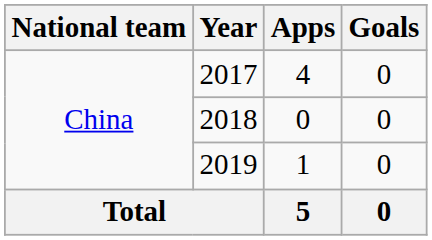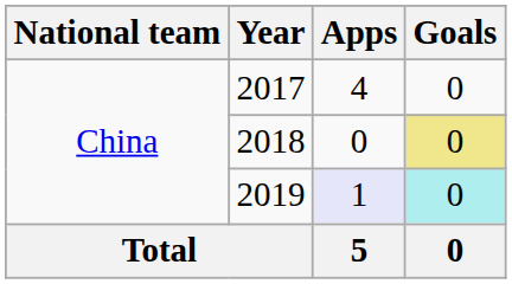 <table class="wikitable" style="text-align:center">
 <tr>
 <th>National team</th>
 <th>Year</th>
 <th>Apps</th>
 <th>Goals</th>
 </tr>
 <tr>
 <td rowspan="3"><a href='#'>China</a></td>
 <td>2017</td>
 <td>4</td>
 <td>0</td>
 </tr>
 <tr>
 <td>2018</td>
 <td>0</td>
-<td>0</td>
+<td style="background: khaki;">0</td>
 </tr>
 <tr>
 <td>2019</td>
-<td>1</td>
-<td>0</td>
+<td style="background: lavender;">1</td>
+<td style="background: paleturquoise;">0</td>
 </tr>
 <tr>
 <th colspan=2>Total</th>
 <th>5</th>
 <th>0</th>
 </tr>
 </table>
